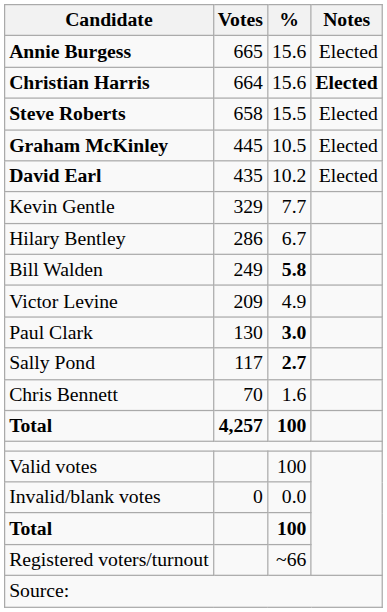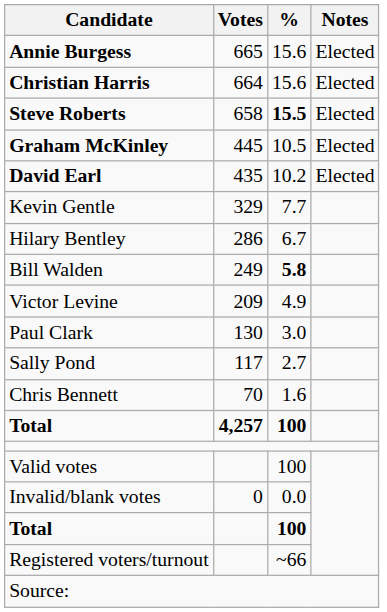 <table class=wikitable style=text-align:right>
 <tr>
 <th>Candidate</th>
 <th>Votes</th>
 <th>%</th>
 <th>Notes</th>
 </tr>
 <tr>
 <td align=left><strong>Annie Burgess</strong></td>
 <td>665</td>
 <td>15.6</td>
 <td>Elected</td>
 </tr>
 <tr>
 <td align=left><strong>Christian Harris</strong></td>
 <td>664</td>
 <td>15.6</td>
-<td><strong>Elected</strong></td>
+<td>Elected</td>
 </tr>
 <tr>
 <td align=left><strong>Steve Roberts</strong></td>
 <td>658</td>
-<td>15.5</td>
+<td><strong>15.5</strong></td>
 <td>Elected</td>
 </tr>
 <tr>
 <td align=left><strong>Graham McKinley</strong></td>
 <td>445</td>
 <td>10.5</td>
 <td>Elected</td>
 </tr>
 <tr>
 <td align=left><strong>David Earl</strong></td>
 <td>435</td>
 <td>10.2</td>
 <td>Elected</td>
 </tr>
 <tr>
 <td align=left>Kevin Gentle</td>
 <td>329</td>
 <td>7.7</td>
 <td></td>
 </tr>
 <tr>
 <td align=left>Hilary Bentley</td>
 <td>286</td>
 <td>6.7</td>
 <td></td>
 </tr>
 <tr>
 <td align=left>Bill Walden</td>
 <td>249</td>
 <td><strong>5.8</strong></td>
 <td></td>
 </tr>
 <tr>
 <td align=left>Victor Levine</td>
 <td>209</td>
 <td>4.9</td>
 <td></td>
 </tr>
 <tr>
 <td align=left>Paul Clark</td>
 <td>130</td>
-<td><strong>3.0</strong></td>
+<td>3.0</td>
 <td></td>
 </tr>
 <tr>
 <td align=left>Sally Pond</td>
 <td>117</td>
-<td><strong>2.7</strong></td>
+<td>2.7</td>
 <td></td>
 </tr>
 <tr>
 <td align=left>Chris Bennett</td>
 <td>70</td>
 <td>1.6</td>
 <td></td>
 </tr>
 <tr>
 <td align=left><strong>Total</strong></td>
 <td><strong>4,257</strong></td>
 <td><strong>100</strong></td>
 <td></td>
 </tr>
 <tr>
 <td colspan=4></td>
 </tr>
 <tr>
 <td align=left>Valid votes</td>
 <td></td>
 <td>100</td>
 <td rowspan=4></td>
 </tr>
 <tr>
 <td align=left>Invalid/blank votes</td>
 <td>0</td>
 <td>0.0</td>
 </tr>
 <tr>
 <td align=left><strong>Total</strong></td>
 <td><strong> </strong></td>
 <td><strong>100</strong></td>
 </tr>
 <tr>
 <td align=left>Registered voters/turnout</td>
 <td></td>
 <td>~66</td>
 </tr>
 <tr>
 <td align=left colspan=4>Source: </td>
 </tr>
 </table>
